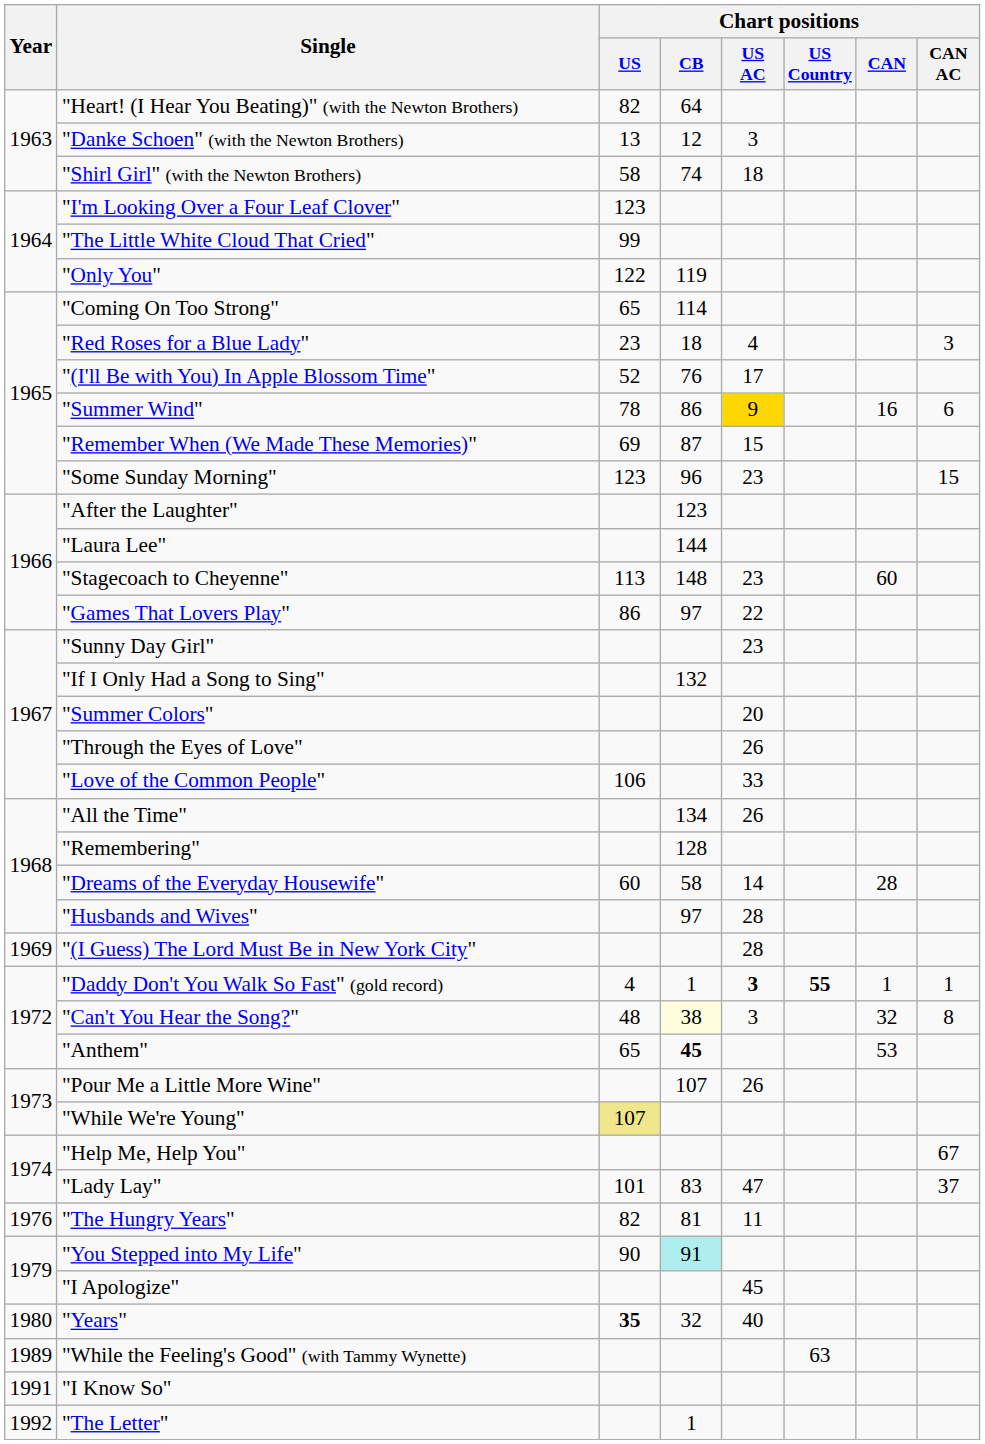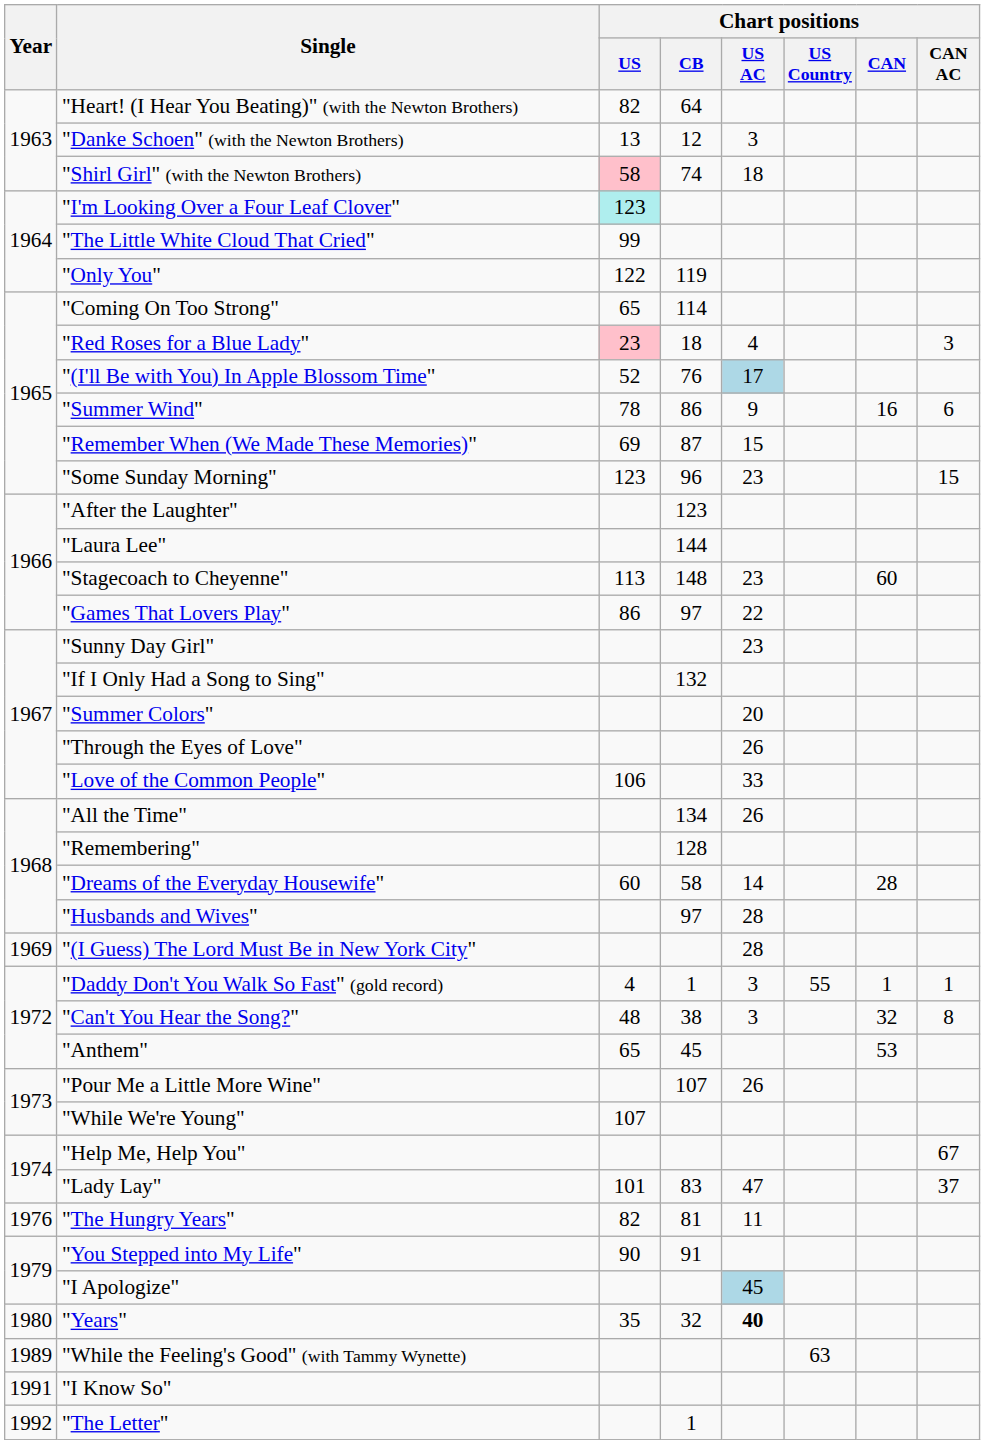 <table class="wikitable" style="text-align:center;">
 <tr>
 <th rowspan="2">Year</th>
 <th style="width:400px;" rowspan="2">Single</th>
 <th colspan="6">Chart positions</th>
 </tr>
 <tr style="font-size:smaller;">
 <th style="width:40px;"><a href='#'>US</a></th>
 <th style="width:40px;"><a href='#'>CB</a></th>
 <th style="width:40px;"><a href='#'>US<br>AC</a></th>
 <th style="width:40px;"><a href='#'>US Country</a></th>
 <th style="width:40px;"><a href='#'>CAN</a></th>
 <th style="width:40px;">CAN<br>AC</th>
 </tr>
 <tr>
 <td rowspan="3">1963</td>
 <td style="text-align:left;">"Heart! (I Hear You Beating)" <small>(with the Newton Brothers)</small></td>
 <td>82</td>
 <td>64</td>
 <td></td>
 <td></td>
 <td></td>
 <td></td>
 </tr>
 <tr>
 <td style="text-align:left;">"<a href='#'>Danke Schoen</a>" <small>(with the Newton Brothers)</small></td>
 <td>13</td>
 <td>12</td>
 <td>3</td>
 <td></td>
 <td></td>
 <td></td>
 </tr>
 <tr>
 <td style="text-align:left;">"<a href='#'>Shirl Girl</a>" <small>(with the Newton Brothers)</small></td>
-<td>58</td>
+<td style="background: pink;">58</td>
 <td>74</td>
 <td>18</td>
 <td></td>
 <td></td>
 <td></td>
 </tr>
 <tr>
 <td rowspan="3">1964</td>
 <td style="text-align:left;">"<a href='#'>I'm Looking Over a Four Leaf Clover</a>"</td>
-<td>123</td>
+<td style="background: paleturquoise;">123</td>
 <td></td>
 <td></td>
 <td></td>
 <td></td>
 <td></td>
 </tr>
 <tr>
 <td style="text-align:left;">"<a href='#'>The Little White Cloud That Cried</a>"</td>
 <td>99</td>
 <td></td>
 <td></td>
 <td></td>
 <td></td>
 <td></td>
 </tr>
 <tr>
 <td style="text-align:left;">"<a href='#'>Only You</a>"</td>
 <td>122</td>
 <td>119</td>
 <td></td>
 <td></td>
 <td></td>
 <td></td>
 </tr>
 <tr>
 <td rowspan="6">1965</td>
 <td style="text-align:left;">"Coming On Too Strong"</td>
 <td>65</td>
 <td>114</td>
 <td></td>
 <td></td>
 <td></td>
 <td></td>
 </tr>
 <tr>
 <td style="text-align:left;">"<a href='#'>Red Roses for a Blue Lady</a>"</td>
-<td>23</td>
+<td style="background: pink;">23</td>
 <td>18</td>
 <td>4</td>
 <td></td>
 <td></td>
 <td>3</td>
 </tr>
 <tr>
 <td style="text-align:left;">"<a href='#'>(I'll Be with You) In Apple Blossom Time</a>"</td>
 <td>52</td>
 <td>76</td>
-<td>17</td>
+<td style="background: lightblue;">17</td>
 <td></td>
 <td></td>
 <td></td>
 </tr>
 <tr>
 <td style="text-align:left;">"<a href='#'>Summer Wind</a>"</td>
 <td>78</td>
 <td>86</td>
-<td style="background: gold;">9</td>
+<td>9</td>
 <td></td>
 <td>16</td>
 <td>6</td>
 </tr>
 <tr>
 <td style="text-align:left;">"<a href='#'>Remember When (We Made These Memories)</a>"</td>
 <td>69</td>
 <td>87</td>
 <td>15</td>
 <td></td>
 <td></td>
 <td></td>
 </tr>
 <tr>
 <td style="text-align:left;">"Some Sunday Morning"</td>
 <td>123</td>
 <td>96</td>
 <td>23</td>
 <td></td>
 <td></td>
 <td>15</td>
 </tr>
 <tr>
 <td rowspan="4">1966</td>
 <td style="text-align:left;">"After the Laughter"</td>
 <td></td>
 <td>123</td>
 <td></td>
 <td></td>
 <td></td>
 <td></td>
 </tr>
 <tr>
 <td style="text-align:left;">"Laura Lee"</td>
 <td></td>
 <td>144</td>
 <td></td>
 <td></td>
 <td></td>
 <td></td>
 </tr>
 <tr>
 <td style="text-align:left;">"Stagecoach to Cheyenne"</td>
 <td>113</td>
 <td>148</td>
 <td>23</td>
 <td></td>
 <td>60</td>
 <td></td>
 </tr>
 <tr>
 <td style="text-align:left;">"<a href='#'>Games That Lovers Play</a>"</td>
 <td>86</td>
 <td>97</td>
 <td>22</td>
 <td></td>
 <td></td>
 <td></td>
 </tr>
 <tr>
 <td rowspan="5">1967</td>
 <td style="text-align:left;">"Sunny Day Girl"</td>
 <td></td>
 <td></td>
 <td>23</td>
 <td></td>
 <td></td>
 <td></td>
 </tr>
 <tr>
 <td style="text-align:left;">"If I Only Had a Song to Sing"</td>
 <td></td>
 <td>132</td>
 <td></td>
 <td></td>
 <td></td>
 <td></td>
 </tr>
 <tr>
 <td style="text-align:left;">"<a href='#'>Summer Colors</a>"</td>
 <td></td>
 <td></td>
 <td>20</td>
 <td></td>
 <td></td>
 <td></td>
 </tr>
 <tr>
 <td style="text-align:left;">"Through the Eyes of Love"</td>
 <td></td>
 <td></td>
 <td>26</td>
 <td></td>
 <td></td>
 <td></td>
 </tr>
 <tr>
 <td style="text-align:left;">"<a href='#'>Love of the Common People</a>"</td>
 <td>106</td>
 <td></td>
 <td>33</td>
 <td></td>
 <td></td>
 <td></td>
 </tr>
 <tr>
 <td rowspan="4">1968</td>
 <td style="text-align:left;">"All the Time"</td>
 <td></td>
 <td>134</td>
 <td>26</td>
 <td></td>
 <td></td>
 <td></td>
 </tr>
 <tr>
 <td style="text-align:left;">"Remembering"</td>
 <td></td>
 <td>128</td>
 <td></td>
 <td></td>
 <td></td>
 <td></td>
 </tr>
 <tr>
 <td style="text-align:left;">"<a href='#'>Dreams of the Everyday Housewife</a>"</td>
 <td>60</td>
 <td>58</td>
 <td>14</td>
 <td></td>
 <td>28</td>
 <td></td>
 </tr>
 <tr>
 <td style="text-align:left;">"<a href='#'>Husbands and Wives</a>"</td>
 <td></td>
 <td>97</td>
 <td>28</td>
 <td></td>
 <td></td>
 <td></td>
 </tr>
 <tr>
 <td>1969</td>
 <td style="text-align:left;">"<a href='#'>(I Guess) The Lord Must Be in New York City</a>"</td>
 <td></td>
 <td></td>
 <td>28</td>
 <td></td>
 <td></td>
 <td></td>
 </tr>
 <tr>
 <td rowspan="3">1972</td>
 <td style="text-align:left;">"<a href='#'>Daddy Don't You Walk So Fast</a>" <small>(gold record)</small></td>
 <td>4</td>
 <td>1</td>
-<td><strong>3</strong></td>
-<td><strong>55</strong></td>
+<td>3</td>
+<td>55</td>
 <td>1</td>
 <td>1</td>
 </tr>
 <tr>
 <td style="text-align:left;">"<a href='#'>Can't You Hear the Song?</a>"</td>
 <td>48</td>
-<td style="background: lightyellow;">38</td>
+<td>38</td>
 <td>3</td>
 <td></td>
 <td>32</td>
 <td>8</td>
 </tr>
 <tr>
 <td style="text-align:left;">"Anthem"</td>
 <td>65</td>
-<td><strong>45</strong></td>
+<td>45</td>
 <td></td>
 <td></td>
 <td>53</td>
 <td></td>
 </tr>
 <tr>
 <td rowspan="2">1973</td>
 <td style="text-align:left;">"Pour Me a Little More Wine"</td>
 <td></td>
 <td>107</td>
 <td>26</td>
 <td></td>
 <td></td>
 <td></td>
 </tr>
 <tr>
 <td style="text-align:left;">"While We're Young"</td>
-<td style="background: khaki;">107</td>
+<td>107</td>
 <td></td>
 <td></td>
 <td></td>
 <td></td>
 <td></td>
 </tr>
 <tr>
 <td rowspan="2">1974</td>
 <td style="text-align:left;">"Help Me, Help You"</td>
 <td></td>
 <td></td>
 <td></td>
 <td></td>
 <td></td>
 <td>67</td>
 </tr>
 <tr>
 <td style="text-align:left;">"Lady Lay"</td>
 <td>101</td>
 <td>83</td>
 <td>47</td>
 <td></td>
 <td></td>
 <td>37</td>
 </tr>
 <tr>
 <td>1976</td>
 <td style="text-align:left;">"<a href='#'>The Hungry Years</a>"</td>
 <td>82</td>
 <td>81</td>
 <td>11</td>
 <td></td>
 <td></td>
 <td></td>
 </tr>
 <tr>
 <td rowspan="2">1979</td>
 <td style="text-align:left;">"<a href='#'>You Stepped into My Life</a>"</td>
 <td>90</td>
-<td style="background: paleturquoise;">91</td>
+<td>91</td>
 <td></td>
 <td></td>
 <td></td>
 <td></td>
 </tr>
 <tr>
 <td style="text-align:left;">"I Apologize"</td>
 <td></td>
 <td></td>
-<td>45</td>
+<td style="background: lightblue;">45</td>
 <td></td>
 <td></td>
 <td></td>
 </tr>
 <tr>
 <td>1980</td>
 <td style="text-align:left;">"<a href='#'>Years</a>"</td>
-<td><strong>35</strong></td>
+<td>35</td>
 <td>32</td>
-<td>40</td>
+<td><strong>40</strong></td>
 <td></td>
 <td></td>
 <td></td>
 </tr>
 <tr>
 <td>1989</td>
 <td style="text-align:left;">"While the Feeling's Good" <small>(with Tammy Wynette)</small></td>
 <td></td>
 <td></td>
 <td></td>
 <td>63</td>
 <td></td>
 <td></td>
 </tr>
 <tr>
 <td>1991</td>
 <td style="text-align:left;">"I Know So"</td>
 <td></td>
 <td></td>
 <td></td>
 <td></td>
 <td></td>
 <td></td>
 </tr>
 <tr>
 <td>1992</td>
 <td style="text-align:left;">"<a href='#'>The Letter</a>"</td>
 <td></td>
 <td>1</td>
 <td></td>
 <td></td>
 <td></td>
 <td></td>
 </tr>
 </table>
